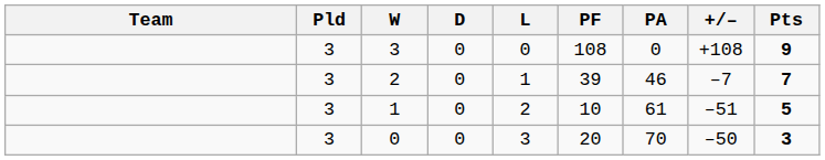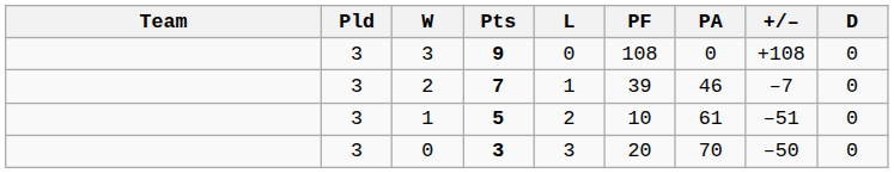 <table class="wikitable" style="text-align: center;">
 <tr>
 <th width="200">Team</th>
 <th width="40">Pld</th>
 <th width="40">W</th>
-<th width="40">D</th>
+<th width="40">Pts</th>
 <th width="40">L</th>
 <th width="40">PF</th>
 <th width="40">PA</th>
 <th width="40">+/–</th>
-<th width="40">Pts</th>
+<th width="40">D</th>
 </tr>
 <tr>
 <td align=left></td>
 <td>3</td>
 <td>3</td>
-<td>0</td>
+<td><strong>9</strong></td>
 <td>0</td>
 <td>108</td>
 <td>0</td>
 <td>+108</td>
-<td><strong>9</strong></td>
+<td>0</td>
 </tr>
 <tr>
 <td align=left></td>
 <td>3</td>
 <td>2</td>
-<td>0</td>
+<td><strong>7</strong></td>
 <td>1</td>
 <td>39</td>
 <td>46</td>
 <td>–7</td>
-<td><strong>7</strong></td>
+<td>0</td>
 </tr>
 <tr>
 <td align=left></td>
 <td>3</td>
 <td>1</td>
-<td>0</td>
+<td><strong>5</strong></td>
 <td>2</td>
 <td>10</td>
 <td>61</td>
 <td>–51</td>
-<td><strong>5</strong></td>
+<td>0</td>
 </tr>
 <tr>
 <td align=left></td>
 <td>3</td>
 <td>0</td>
-<td>0</td>
+<td><strong>3</strong></td>
 <td>3</td>
 <td>20</td>
 <td>70</td>
 <td>–50</td>
-<td><strong>3</strong></td>
+<td>0</td>
 </tr>
 </table>
